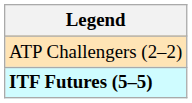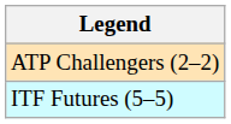 <table class=wikitable style=font-size:90%>
 <tr>
 <th>Legend</th>
 </tr>
 <tr bgcolor=moccasin>
 <td>ATP Challengers (2–2)</td>
 </tr>
 <tr bgcolor=cffcff>
-<td><strong>ITF Futures (5–5)</strong></td>
+<td>ITF Futures (5–5)</td>
 </tr>
 </table>
